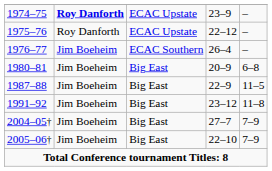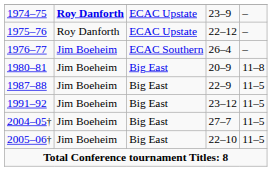 <table class="wikitable">
 <tr>
 </tr>
 <tr>
 <td><a href='#'>1974–75</a></td>
 <td><strong><a href='#'>Roy Danforth</a></strong></td>
 <td><a href='#'>ECAC Upstate</a></td>
 <td>23–9</td>
 <td>–</td>
 </tr>
 <tr>
 <td><a href='#'>1975–76</a></td>
 <td>Roy Danforth</td>
 <td><a href='#'>ECAC Upstate</a></td>
 <td>22–12</td>
 <td>–</td>
 </tr>
 <tr>
 <td><a href='#'>1976–77</a></td>
 <td><a href='#'>Jim Boeheim</a></td>
 <td><a href='#'>ECAC Southern</a></td>
 <td>26–4</td>
 <td>–</td>
 </tr>
 <tr>
 <td><a href='#'>1980–81</a></td>
 <td>Jim Boeheim</td>
 <td><a href='#'>Big East</a></td>
 <td>20–9</td>
-<td>6–8</td>
+<td>11–8</td>
 </tr>
 <tr>
 <td><a href='#'>1987–88</a></td>
 <td>Jim Boeheim</td>
 <td>Big East</td>
 <td>22–9</td>
 <td>11–5</td>
 </tr>
 <tr>
 <td><a href='#'>1991–92</a></td>
 <td>Jim Boeheim</td>
 <td>Big East</td>
 <td>23–12</td>
-<td>11–8</td>
+<td>11–5</td>
 </tr>
 <tr>
 <td><a href='#'>2004–05</a><small>†</small></td>
 <td>Jim Boeheim</td>
 <td>Big East</td>
 <td>27–7</td>
-<td>7–9</td>
+<td>11–5</td>
 </tr>
 <tr>
 <td><a href='#'>2005–06</a><small>†</small></td>
 <td>Jim Boeheim</td>
 <td>Big East</td>
 <td>22–10</td>
-<td>7–9</td>
+<td>11–5</td>
 </tr>
 <tr style="text-align:center; ">
 <td colspan="5"><strong>Total Conference tournament Titles: 8</strong></td>
 </tr>
 </table>
